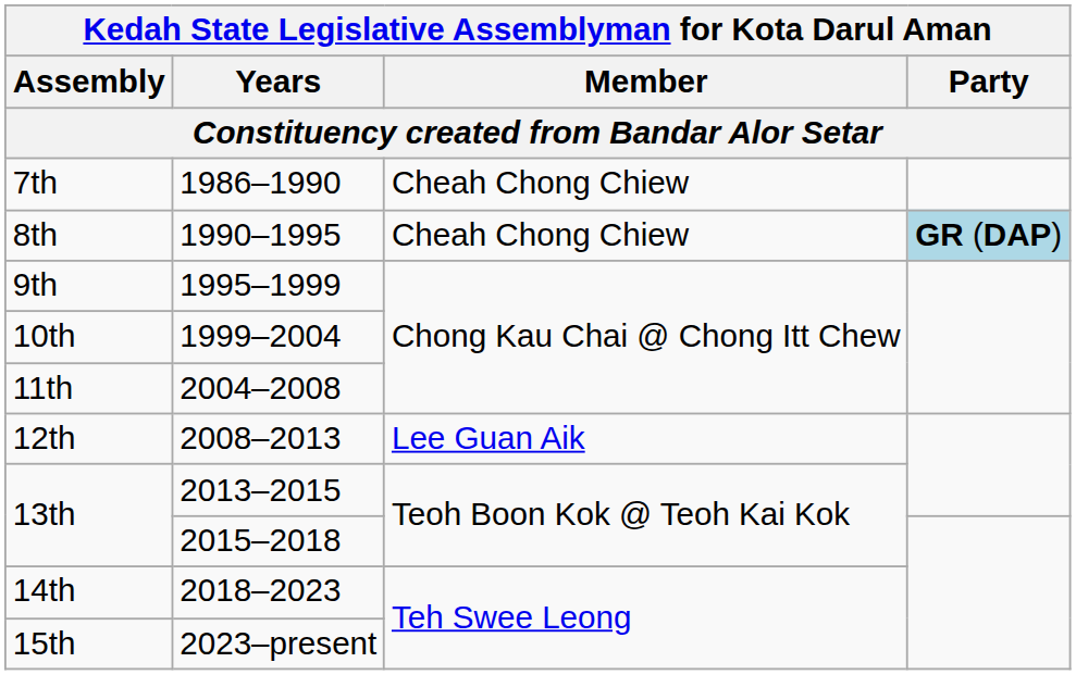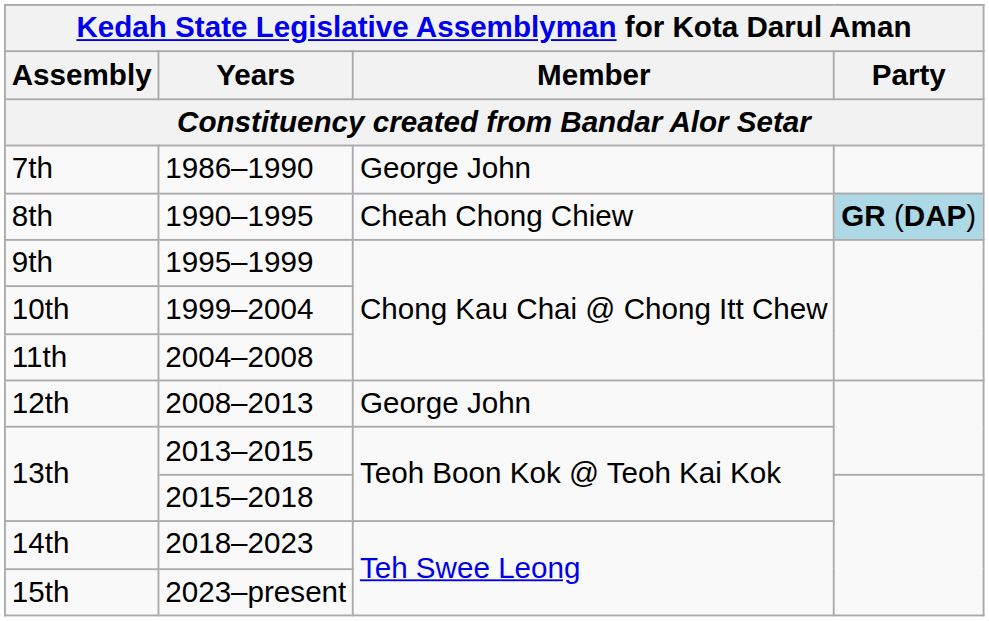 <table class="wikitable">
 <tr>
 <th colspan="4"><a href='#'>Kedah State Legislative Assemblyman</a> for Kota Darul Aman</th>
 </tr>
 <tr>
 <th>Assembly</th>
 <th>Years</th>
 <th>Member</th>
 <th>Party</th>
 </tr>
 <tr>
 <th colspan="4" align="center"><em>Constituency created from Bandar Alor Setar</em></th>
 </tr>
 <tr>
 <td>7th</td>
 <td>1986–1990</td>
-<td>Cheah Chong Chiew</td>
+<td>George John</td>
 <td></td>
 </tr>
 <tr>
 <td>8th</td>
 <td>1990–1995</td>
 <td>Cheah Chong Chiew</td>
 <td style="background: lightblue;"><strong>GR</strong> (<strong>DAP</strong>)</td>
 </tr>
 <tr>
 <td>9th</td>
 <td>1995–1999</td>
 <td rowspan="3">Chong Kau Chai @ Chong Itt Chew</td>
 <td rowspan="3"></td>
 </tr>
 <tr>
 <td>10th</td>
 <td>1999–2004</td>
 </tr>
 <tr>
 <td>11th</td>
 <td>2004–2008</td>
 </tr>
 <tr>
 <td>12th</td>
 <td>2008–2013</td>
-<td><a href='#'>Lee Guan Aik</a></td>
+<td>George John</td>
 <td rowspan="2"></td>
 </tr>
 <tr>
 <td rowspan=2>13th</td>
 <td>2013–2015</td>
 <td rowspan=2>Teoh Boon Kok @ Teoh Kai Kok</td>
 </tr>
 <tr>
 <td>2015–2018</td>
 <td rowspan=3></td>
 </tr>
 <tr>
 <td>14th</td>
 <td>2018–2023</td>
 <td rowspan="2"><a href='#'>Teh Swee Leong</a></td>
 </tr>
 <tr>
 <td>15th</td>
 <td>2023–present</td>
 </tr>
 </table>
